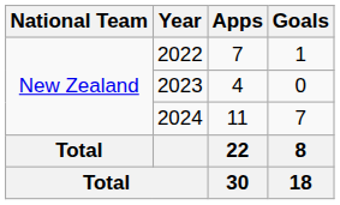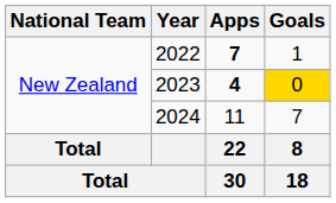 <table class="wikitable" style="text-align: center;">
 <tr>
 <th>National Team</th>
 <th>Year</th>
 <th>Apps</th>
 <th>Goals</th>
 </tr>
 <tr>
 <td rowspan=3><a href='#'>New Zealand</a></td>
 <td>2022</td>
-<td>7</td>
+<td><strong>7</strong></td>
 <td>1</td>
 </tr>
 <tr>
 <td>2023</td>
-<td>4</td>
-<td>0</td>
+<td><strong>4</strong></td>
+<td style="background: gold;">0</td>
 </tr>
 <tr>
 <td>2024</td>
 <td>11</td>
 <td>7</td>
 </tr>
 <tr>
 <th>Total</th>
 <th></th>
 <th>22</th>
 <th>8</th>
 </tr>
 <tr>
 <th colspan="2">Total</th>
 <th>30</th>
 <th>18</th>
 </tr>
 </table>
